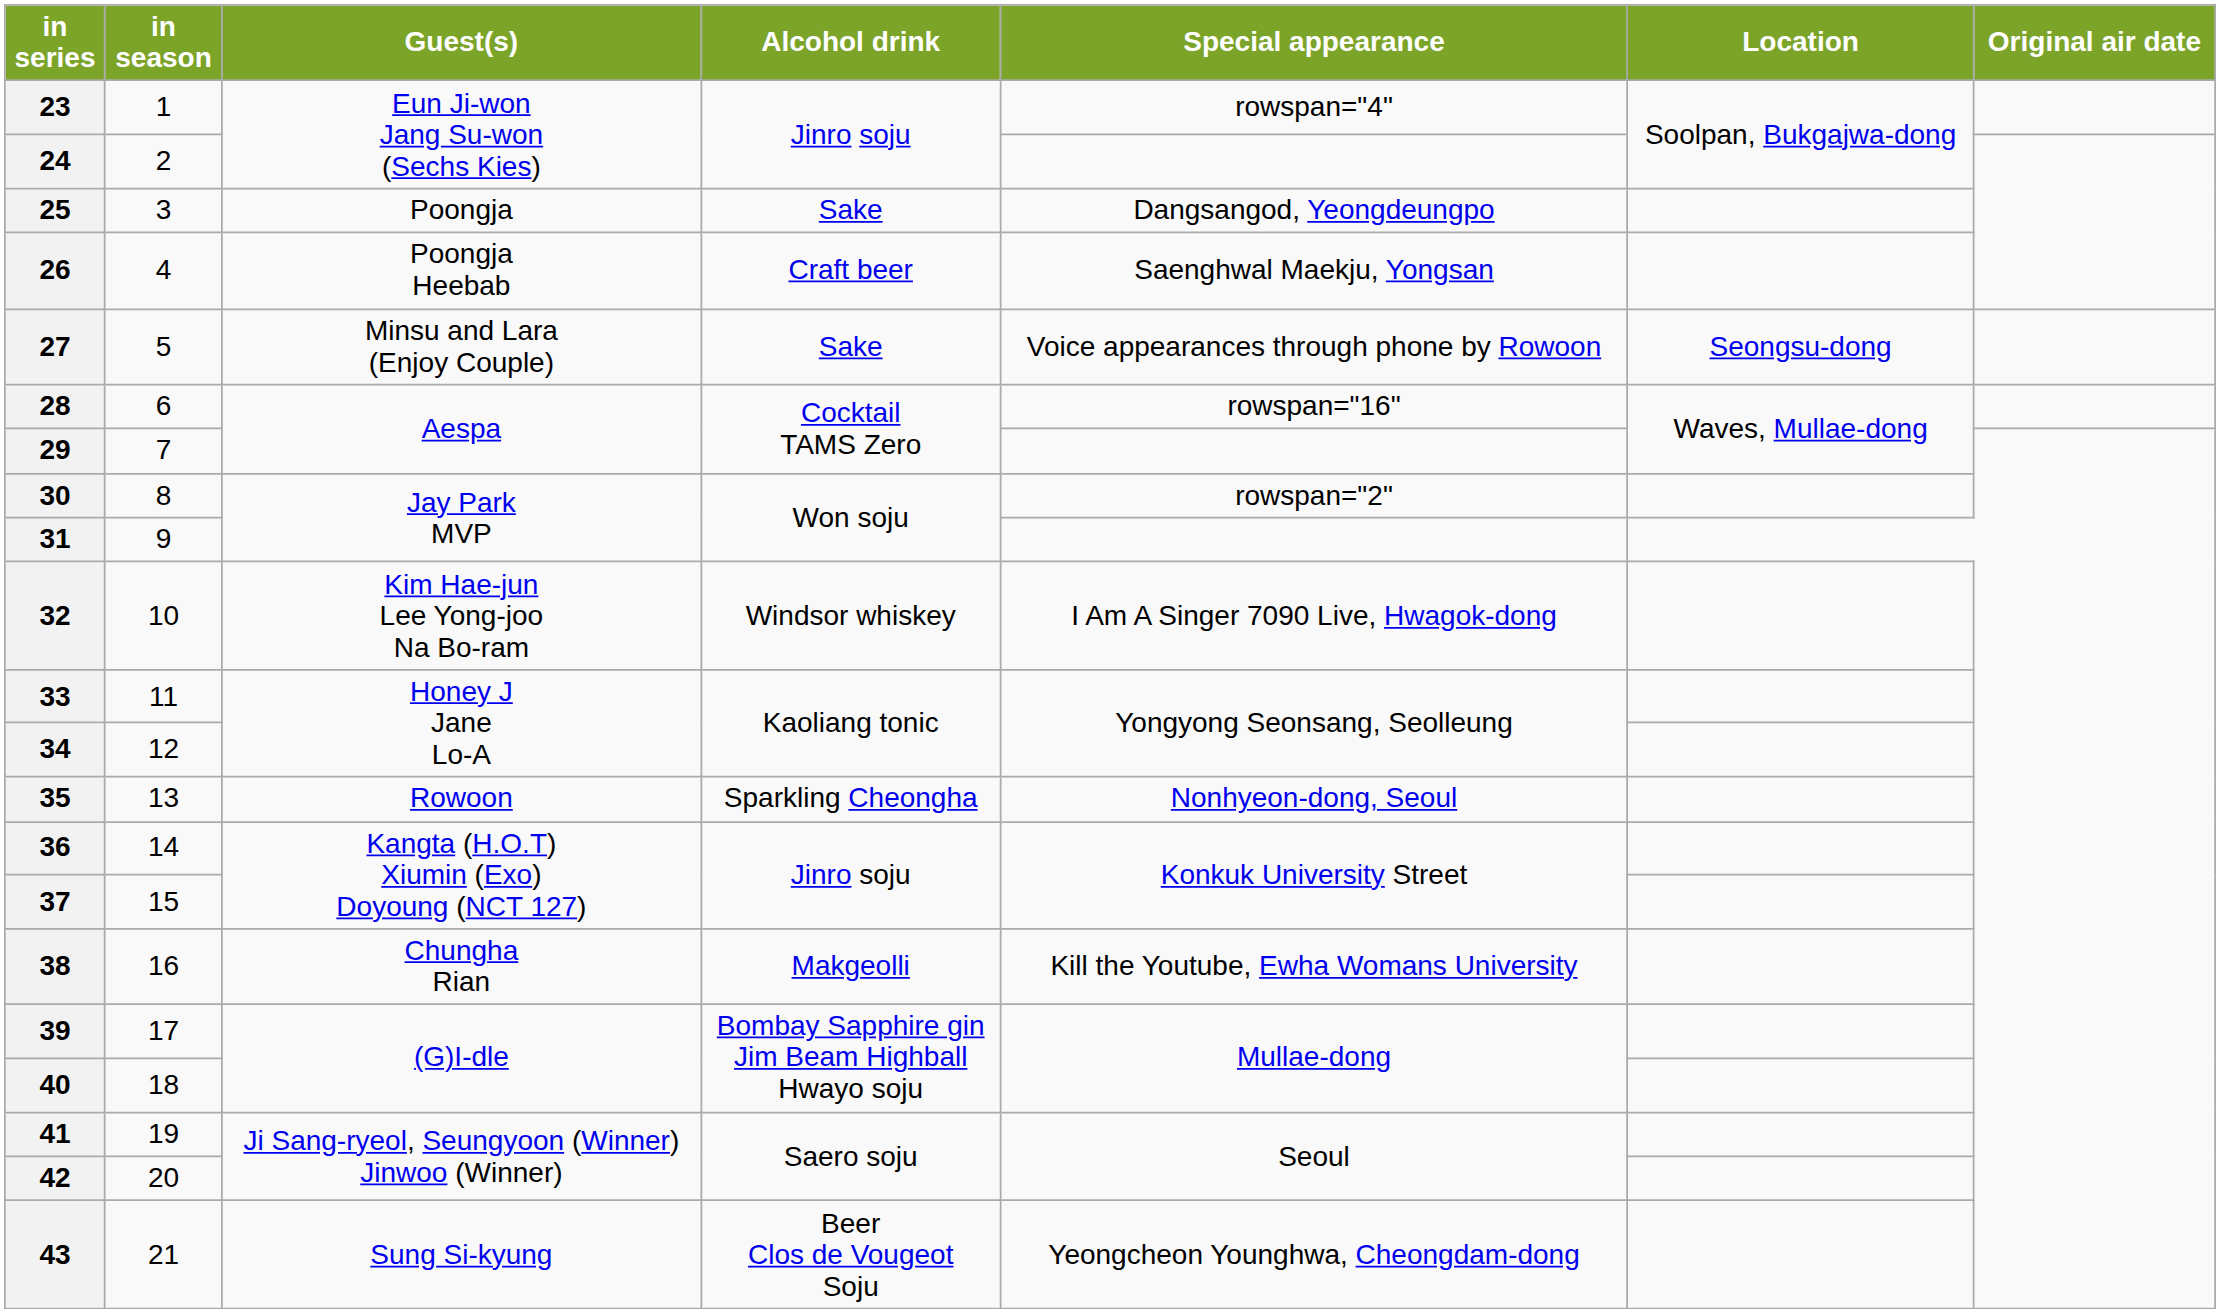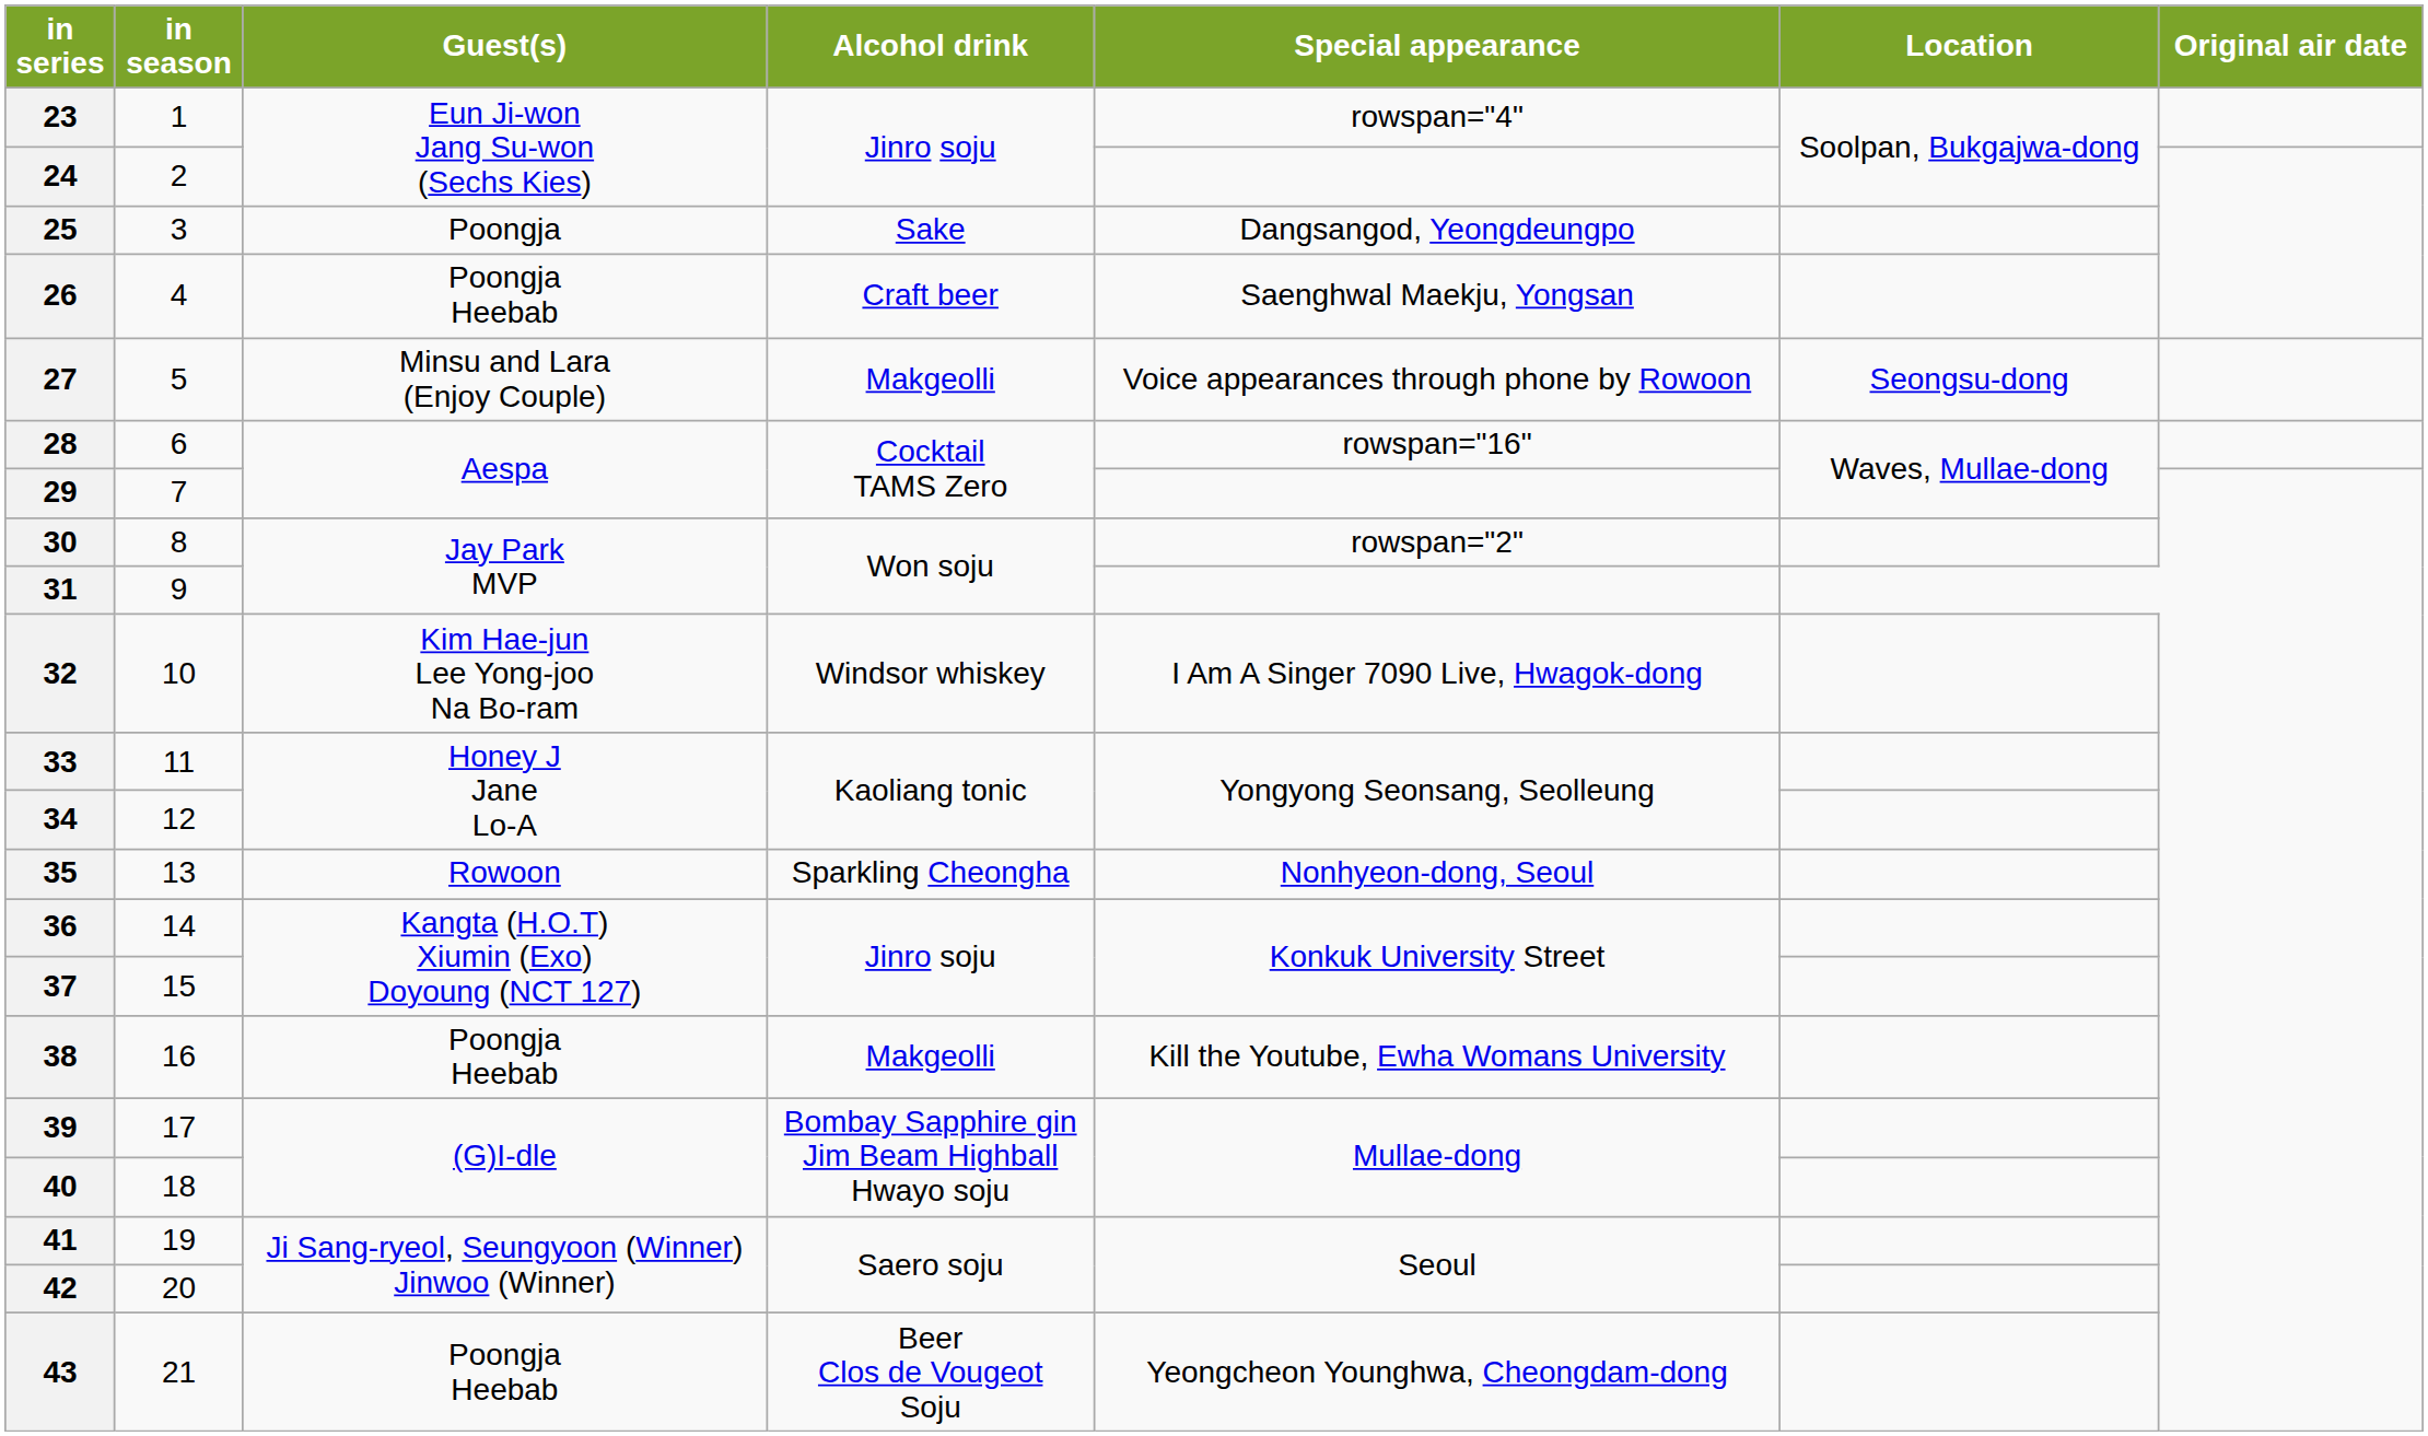 <table class="sortable wikitable" style="text-align:center; style=font-size:80%; width:100%">
 <tr style="color:white;">
 <th style="background:#7BA429; color:white;"> in<br>series</th>
 <th style="background:#7BA429; color:white;"> in<br>season</th>
 <th style="background:#7BA429; color:white;">Guest(s)</th>
 <th style="background:#7BA429; color:white;">Alcohol drink</th>
 <th style="background:#7BA429; color:white;">Special appearance</th>
 <th style="background:#7BA429; color:white;">Location</th>
 <th style="background:#7BA429; color:white;">Original air date</th>
 </tr>
 <tr>
 <th>23</th>
 <td>1</td>
 <td rowspan="2"><a href='#'>Eun Ji-won</a><br><a href='#'>Jang Su-won</a><br>(<a href='#'>Sechs Kies</a>)</td>
 <td rowspan="2"><a href='#'>Jinro</a> <a href='#'>soju</a></td>
 <td>rowspan="4" </td>
 <td rowspan="2">Soolpan, <a href='#'>Bukgajwa-dong</a></td>
 <td></td>
 </tr>
 <tr>
 <th>24</th>
 <td>2</td>
 <td></td>
 </tr>
 <tr>
 <th>25</th>
 <td>3</td>
 <td>Poongja</td>
 <td><a href='#'>Sake</a></td>
 <td>Dangsangod, <a href='#'>Yeongdeungpo</a></td>
 <td></td>
 </tr>
 <tr>
 <th>26</th>
 <td>4</td>
 <td>Poongja<br>Heebab</td>
 <td><a href='#'>Craft beer</a></td>
 <td>Saenghwal Maekju, <a href='#'>Yongsan</a></td>
 <td></td>
 </tr>
 <tr>
 <th>27</th>
 <td>5</td>
 <td>Minsu and Lara<br>(Enjoy Couple)</td>
-<td><a href='#'>Sake</a></td>
+<td><a href='#'>Makgeolli</a></td>
 <td>Voice appearances through phone by <a href='#'>Rowoon</a></td>
 <td><a href='#'>Seongsu-dong</a></td>
 <td></td>
 </tr>
 <tr>
 <th>28</th>
 <td>6</td>
 <td rowspan="2"><a href='#'>Aespa</a></td>
 <td rowspan="2"><a href='#'>Cocktail</a><br>TAMS Zero</td>
 <td>rowspan="16" </td>
 <td rowspan="2">Waves, <a href='#'>Mullae-dong</a></td>
 <td></td>
 </tr>
 <tr>
 <th>29</th>
 <td>7</td>
 <td></td>
 </tr>
 <tr>
 <th>30</th>
 <td>8</td>
 <td rowspan="2"><a href='#'>Jay Park</a><br>MVP</td>
 <td rowspan="2">Won soju</td>
 <td>rowspan="2" </td>
 <td></td>
 </tr>
 <tr>
 <th>31</th>
 <td>9</td>
 <td></td>
 </tr>
 <tr>
 <th>32</th>
 <td>10</td>
 <td><a href='#'>Kim Hae-jun</a><br> Lee Yong-joo<br>Na Bo-ram</td>
 <td>Windsor whiskey</td>
 <td>I Am A Singer 7090 Live, <a href='#'>Hwagok-dong</a></td>
 <td></td>
 </tr>
 <tr>
 <th>33</th>
 <td>11</td>
 <td rowspan="2"><a href='#'>Honey J</a><br>Jane<br>Lo-A</td>
 <td rowspan="2">Kaoliang tonic</td>
 <td rowspan="2">Yongyong Seonsang, Seolleung</td>
 <td></td>
 </tr>
 <tr>
 <th>34</th>
 <td>12</td>
 <td></td>
 </tr>
 <tr>
 <th>35</th>
 <td>13</td>
 <td><a href='#'>Rowoon</a></td>
 <td>Sparkling <a href='#'>Cheongha</a></td>
 <td><a href='#'>Nonhyeon-dong, Seoul</a></td>
 <td></td>
 </tr>
 <tr>
 <th>36</th>
 <td>14</td>
 <td rowspan="2"><a href='#'>Kangta</a> (<a href='#'>H.O.T</a>)<br><a href='#'>Xiumin</a> (<a href='#'>Exo</a>)<br><a href='#'>Doyoung</a> (<a href='#'>NCT 127</a>)</td>
 <td rowspan="2"><a href='#'>Jinro</a> soju</td>
 <td rowspan="2"><a href='#'>Konkuk University</a> Street</td>
 <td></td>
 </tr>
 <tr>
 <th>37</th>
 <td>15</td>
 <td></td>
 </tr>
 <tr>
 <th>38</th>
 <td>16</td>
-<td><a href='#'>Chungha</a><br>Rian</td>
+<td>Poongja<br>Heebab</td>
 <td><a href='#'>Makgeolli</a></td>
 <td>Kill the Youtube, <a href='#'>Ewha Womans University</a></td>
 <td></td>
 </tr>
 <tr>
 <th>39</th>
 <td>17</td>
 <td rowspan="2"><a href='#'>(G)I-dle</a></td>
 <td rowspan="2"><a href='#'>Bombay Sapphire gin</a><br><a href='#'>Jim Beam Highball</a><br>Hwayo soju</td>
 <td rowspan="2"><a href='#'>Mullae-dong</a></td>
 <td></td>
 </tr>
 <tr>
 <th>40</th>
 <td>18</td>
 <td></td>
 </tr>
 <tr>
 <th>41</th>
 <td>19</td>
 <td rowspan="2"><a href='#'>Ji Sang-ryeol</a>, <a href='#'>Seungyoon</a> (<a href='#'>Winner</a>) <br> <a href='#'>Jinwoo</a> (Winner)</td>
 <td rowspan="2">Saero soju</td>
 <td rowspan="2">Seoul</td>
 <td></td>
 </tr>
 <tr>
 <th>42</th>
 <td>20</td>
 <td></td>
 </tr>
 <tr>
 <th>43</th>
 <td>21</td>
-<td><a href='#'>Sung Si-kyung</a></td>
+<td>Poongja<br>Heebab</td>
 <td>Beer<br><a href='#'>Clos de Vougeot</a><br> Soju</td>
 <td>Yeongcheon Younghwa, <a href='#'>Cheongdam-dong</a></td>
 <td></td>
 </tr>
 </table>
